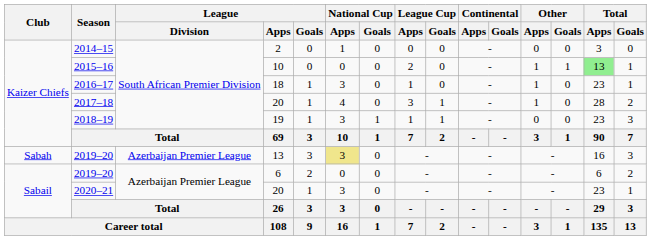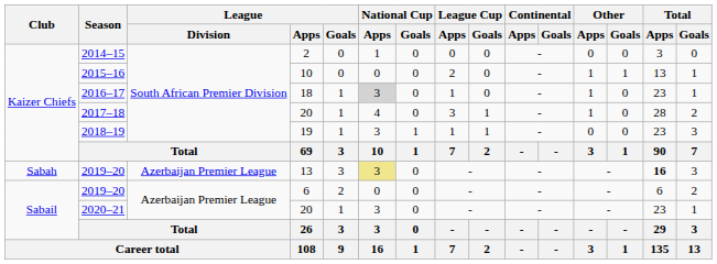 <table class="wikitable" style="text-align: center;">
 <tr>
 <th rowspan="2">Club</th>
 <th rowspan="2">Season</th>
 <th colspan="3">League</th>
 <th colspan="2">National Cup</th>
 <th colspan="2">League Cup</th>
 <th colspan="2">Continental</th>
 <th colspan="2">Other</th>
 <th colspan="2">Total</th>
 </tr>
 <tr>
 <th>Division</th>
 <th>Apps</th>
 <th>Goals</th>
 <th>Apps</th>
 <th>Goals</th>
 <th>Apps</th>
 <th>Goals</th>
 <th>Apps</th>
 <th>Goals</th>
 <th>Apps</th>
 <th>Goals</th>
 <th>Apps</th>
 <th>Goals</th>
 </tr>
 <tr>
 <td rowspan="6" valign="center"><a href='#'>Kaizer Chiefs</a></td>
 <td><a href='#'>2014–15</a></td>
 <td rowspan="5" valign="center"><a href='#'>South African Premier Division</a></td>
 <td>2</td>
 <td>0</td>
 <td>1</td>
 <td>0</td>
 <td>0</td>
 <td>0</td>
 <td colspan="2">-</td>
 <td>0</td>
 <td>0</td>
 <td>3</td>
 <td>0</td>
 </tr>
 <tr>
 <td><a href='#'>2015–16</a></td>
 <td>10</td>
 <td>0</td>
 <td>0</td>
 <td>0</td>
 <td>2</td>
 <td>0</td>
 <td colspan="2">-</td>
 <td>1</td>
 <td>1</td>
-<td style="background: lightgreen;">13</td>
+<td>13</td>
 <td>1</td>
 </tr>
 <tr>
 <td><a href='#'>2016–17</a></td>
 <td>18</td>
 <td>1</td>
-<td>3</td>
+<td style="background: lightgrey;">3</td>
 <td>0</td>
 <td>1</td>
 <td>0</td>
 <td colspan="2">-</td>
 <td>1</td>
 <td>0</td>
 <td>23</td>
 <td>1</td>
 </tr>
 <tr>
 <td><a href='#'>2017–18</a></td>
 <td>20</td>
 <td>1</td>
 <td>4</td>
 <td>0</td>
 <td>3</td>
 <td>1</td>
 <td colspan="2">-</td>
 <td>1</td>
 <td>0</td>
 <td>28</td>
 <td>2</td>
 </tr>
 <tr>
 <td><a href='#'>2018–19</a></td>
 <td>19</td>
 <td>1</td>
 <td>3</td>
 <td>1</td>
 <td>1</td>
 <td>1</td>
 <td colspan="2">-</td>
 <td>0</td>
 <td>0</td>
 <td>23</td>
 <td>3</td>
 </tr>
 <tr>
 <th colspan="2">Total</th>
 <th>69</th>
 <th>3</th>
 <th>10</th>
 <th>1</th>
 <th>7</th>
 <th>2</th>
 <th>-</th>
 <th>-</th>
 <th>3</th>
 <th>1</th>
 <th>90</th>
 <th>7</th>
 </tr>
 <tr>
 <td><a href='#'>Sabah</a></td>
 <td><a href='#'>2019–20</a></td>
 <td><a href='#'>Azerbaijan Premier League</a></td>
 <td>13</td>
 <td>3</td>
 <td style="background: khaki;">3</td>
 <td>0</td>
 <td colspan="2">-</td>
 <td colspan="2">-</td>
 <td colspan="2">-</td>
-<td>16</td>
+<td><strong>16</strong></td>
 <td>3</td>
 </tr>
 <tr>
 <td rowspan="3" valign="center"><a href='#'>Sabail</a></td>
 <td><a href='#'>2019–20</a></td>
 <td rowspan="2" valign="center">Azerbaijan Premier League</td>
 <td>6</td>
 <td>2</td>
 <td>0</td>
 <td>0</td>
 <td colspan="2">-</td>
 <td colspan="2">-</td>
 <td colspan="2">-</td>
 <td>6</td>
 <td>2</td>
 </tr>
 <tr>
 <td><a href='#'>2020–21</a></td>
 <td>20</td>
 <td>1</td>
 <td>3</td>
 <td>0</td>
 <td colspan="2">-</td>
 <td colspan="2">-</td>
 <td colspan="2">-</td>
 <td>23</td>
 <td>1</td>
 </tr>
 <tr>
 <th colspan="2">Total</th>
 <th>26</th>
 <th>3</th>
 <th>3</th>
 <th>0</th>
 <th>-</th>
 <th>-</th>
 <th>-</th>
 <th>-</th>
 <th>-</th>
 <th>-</th>
 <th>29</th>
 <th>3</th>
 </tr>
 <tr>
 <th colspan="3">Career total</th>
 <th>108</th>
 <th>9</th>
 <th>16</th>
 <th>1</th>
 <th>7</th>
 <th>2</th>
 <th>-</th>
 <th>-</th>
 <th>3</th>
 <th>1</th>
 <th>135</th>
 <th>13</th>
 </tr>
 </table>
